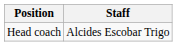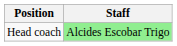 <table class=wikitable>
 <tr>
 <th>Position</th>
 <th>Staff</th>
 </tr>
 <tr>
 <td>Head coach</td>
-<td> Alcides Escobar Trigo</td>
+<td style="background: lightgreen;"> Alcides Escobar Trigo</td>
 </tr>
 </table>
